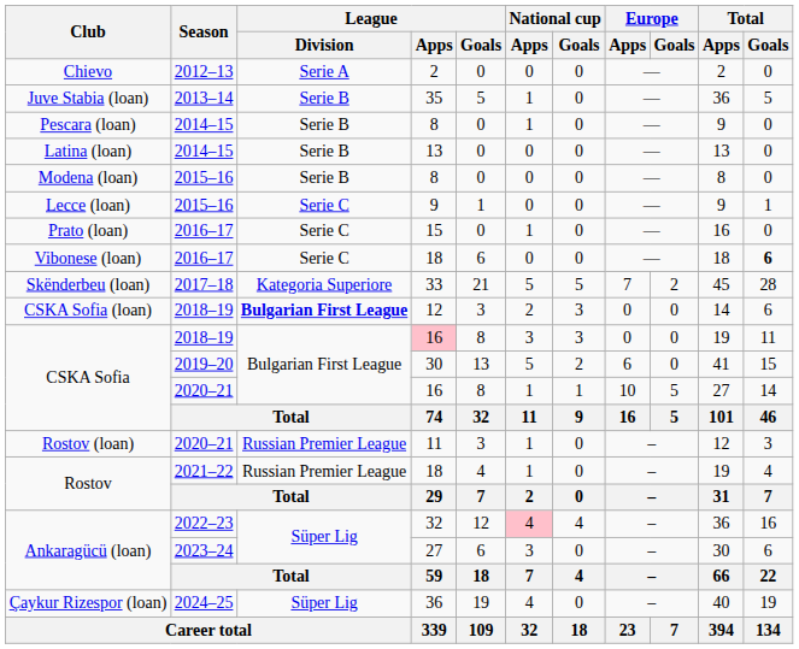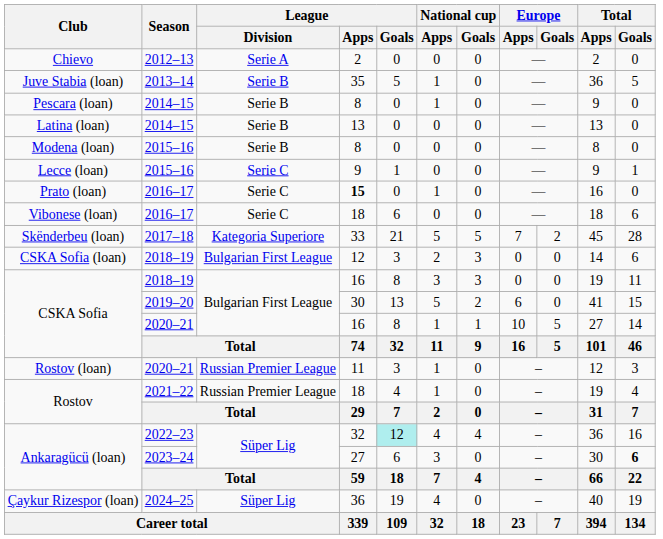 <table class="wikitable" style="text-align:center">
 <tr>
 <th rowspan="2">Club</th>
 <th rowspan="2">Season</th>
 <th colspan="3">League</th>
 <th colspan="2">National cup</th>
 <th colspan="2"><a href='#'>Europe</a></th>
 <th colspan="2">Total</th>
 </tr>
 <tr>
 <th>Division</th>
 <th>Apps</th>
 <th>Goals</th>
 <th>Apps</th>
 <th>Goals</th>
 <th>Apps</th>
 <th>Goals</th>
 <th>Apps</th>
 <th>Goals</th>
 </tr>
 <tr>
 <td><a href='#'>Chievo</a></td>
 <td><a href='#'>2012–13</a></td>
 <td><a href='#'>Serie A</a></td>
 <td>2</td>
 <td>0</td>
 <td>0</td>
 <td>0</td>
 <td colspan="2">—</td>
 <td>2</td>
 <td>0</td>
 </tr>
 <tr>
 <td><a href='#'>Juve Stabia</a> (loan)</td>
 <td><a href='#'>2013–14</a></td>
 <td><a href='#'>Serie B</a></td>
 <td>35</td>
 <td>5</td>
 <td>1</td>
 <td>0</td>
 <td colspan="2">—</td>
 <td>36</td>
 <td>5</td>
 </tr>
 <tr>
 <td><a href='#'>Pescara</a> (loan)</td>
 <td><a href='#'>2014–15</a></td>
 <td>Serie B</td>
 <td>8</td>
 <td>0</td>
 <td>1</td>
 <td>0</td>
 <td colspan="2">—</td>
 <td>9</td>
 <td>0</td>
 </tr>
 <tr>
 <td><a href='#'>Latina</a> (loan)</td>
 <td><a href='#'>2014–15</a></td>
 <td>Serie B</td>
 <td>13</td>
 <td>0</td>
 <td>0</td>
 <td>0</td>
 <td colspan="2">—</td>
 <td>13</td>
 <td>0</td>
 </tr>
 <tr>
 <td><a href='#'>Modena</a> (loan)</td>
 <td><a href='#'>2015–16</a></td>
 <td>Serie B</td>
 <td>8</td>
 <td>0</td>
 <td>0</td>
 <td>0</td>
 <td colspan="2">—</td>
 <td>8</td>
 <td>0</td>
 </tr>
 <tr>
 <td><a href='#'>Lecce</a> (loan)</td>
 <td><a href='#'>2015–16</a></td>
 <td><a href='#'>Serie C</a></td>
 <td>9</td>
 <td>1</td>
 <td>0</td>
 <td>0</td>
 <td colspan="2">—</td>
 <td>9</td>
 <td>1</td>
 </tr>
 <tr>
 <td><a href='#'>Prato</a> (loan)</td>
 <td><a href='#'>2016–17</a></td>
 <td>Serie C</td>
-<td>15</td>
+<td><strong>15</strong></td>
 <td>0</td>
 <td>1</td>
 <td>0</td>
 <td colspan="2">—</td>
 <td>16</td>
 <td>0</td>
 </tr>
 <tr>
 <td><a href='#'>Vibonese</a> (loan)</td>
 <td><a href='#'>2016–17</a></td>
 <td>Serie C</td>
 <td>18</td>
 <td>6</td>
 <td>0</td>
 <td>0</td>
 <td colspan="2">—</td>
 <td>18</td>
-<td><strong>6</strong></td>
+<td>6</td>
 </tr>
 <tr>
 <td><a href='#'>Skënderbeu</a> (loan)</td>
 <td><a href='#'>2017–18</a></td>
 <td><a href='#'>Kategoria Superiore</a></td>
 <td>33</td>
 <td>21</td>
 <td>5</td>
 <td>5</td>
 <td>7</td>
 <td>2</td>
 <td>45</td>
 <td>28</td>
 </tr>
 <tr>
 <td><a href='#'>CSKA Sofia</a> (loan)</td>
 <td><a href='#'>2018–19</a></td>
-<td><strong><a href='#'>Bulgarian First League</a></strong></td>
+<td><a href='#'>Bulgarian First League</a></td>
 <td>12</td>
 <td>3</td>
 <td>2</td>
 <td>3</td>
 <td>0</td>
 <td>0</td>
 <td>14</td>
 <td>6</td>
 </tr>
 <tr>
 <td rowspan="4">CSKA Sofia</td>
 <td><a href='#'>2018–19</a></td>
 <td rowspan="3">Bulgarian First League</td>
-<td style="background: pink;">16</td>
+<td>16</td>
 <td>8</td>
 <td>3</td>
 <td>3</td>
 <td>0</td>
 <td>0</td>
 <td>19</td>
 <td>11</td>
 </tr>
 <tr>
 <td><a href='#'>2019–20</a></td>
 <td>30</td>
 <td>13</td>
 <td>5</td>
 <td>2</td>
 <td>6</td>
 <td>0</td>
 <td>41</td>
 <td>15</td>
 </tr>
 <tr>
 <td><a href='#'>2020–21</a></td>
 <td>16</td>
 <td>8</td>
 <td>1</td>
 <td>1</td>
 <td>10</td>
 <td>5</td>
 <td>27</td>
 <td>14</td>
 </tr>
 <tr>
 <th colspan="2">Total</th>
 <th>74</th>
 <th>32</th>
 <th>11</th>
 <th>9</th>
 <th>16</th>
 <th>5</th>
 <th>101</th>
 <th>46</th>
 </tr>
 <tr>
 <td><a href='#'>Rostov</a> (loan)</td>
 <td><a href='#'>2020–21</a></td>
 <td><a href='#'>Russian Premier League</a></td>
 <td>11</td>
 <td>3</td>
 <td>1</td>
 <td>0</td>
 <td colspan="2">–</td>
 <td>12</td>
 <td>3</td>
 </tr>
 <tr>
 <td rowspan="2">Rostov</td>
 <td><a href='#'>2021–22</a></td>
 <td>Russian Premier League</td>
 <td>18</td>
 <td>4</td>
 <td>1</td>
 <td>0</td>
 <td colspan="2">–</td>
 <td>19</td>
 <td>4</td>
 </tr>
 <tr>
 <th colspan="2">Total</th>
 <th>29</th>
 <th>7</th>
 <th>2</th>
 <th>0</th>
 <th colspan="2">–</th>
 <th>31</th>
 <th>7</th>
 </tr>
 <tr>
 <td rowspan="3"><a href='#'>Ankaragücü</a> (loan)</td>
 <td><a href='#'>2022–23</a></td>
 <td rowspan="2"><a href='#'>Süper Lig</a></td>
 <td>32</td>
-<td>12</td>
-<td style="background: pink;">4</td>
+<td style="background: paleturquoise;">12</td>
+<td>4</td>
 <td>4</td>
 <td colspan="2">–</td>
 <td>36</td>
 <td>16</td>
 </tr>
 <tr>
 <td><a href='#'>2023–24</a></td>
 <td>27</td>
 <td>6</td>
 <td>3</td>
 <td>0</td>
 <td colspan="2">–</td>
 <td>30</td>
-<td>6</td>
+<td><strong>6</strong></td>
 </tr>
 <tr>
 <th colspan="2">Total</th>
 <th>59</th>
 <th>18</th>
 <th>7</th>
 <th>4</th>
 <th colspan="2">–</th>
 <th>66</th>
 <th>22</th>
 </tr>
 <tr>
 <td><a href='#'>Çaykur Rizespor</a> (loan)</td>
 <td><a href='#'>2024–25</a></td>
 <td><a href='#'>Süper Lig</a></td>
 <td>36</td>
 <td>19</td>
 <td>4</td>
 <td>0</td>
 <td colspan="2">–</td>
 <td>40</td>
 <td>19</td>
 </tr>
 <tr>
 <th colspan="3">Career total</th>
 <th>339</th>
 <th>109</th>
 <th>32</th>
 <th>18</th>
 <th>23</th>
 <th>7</th>
 <th>394</th>
 <th>134</th>
 </tr>
 </table>
